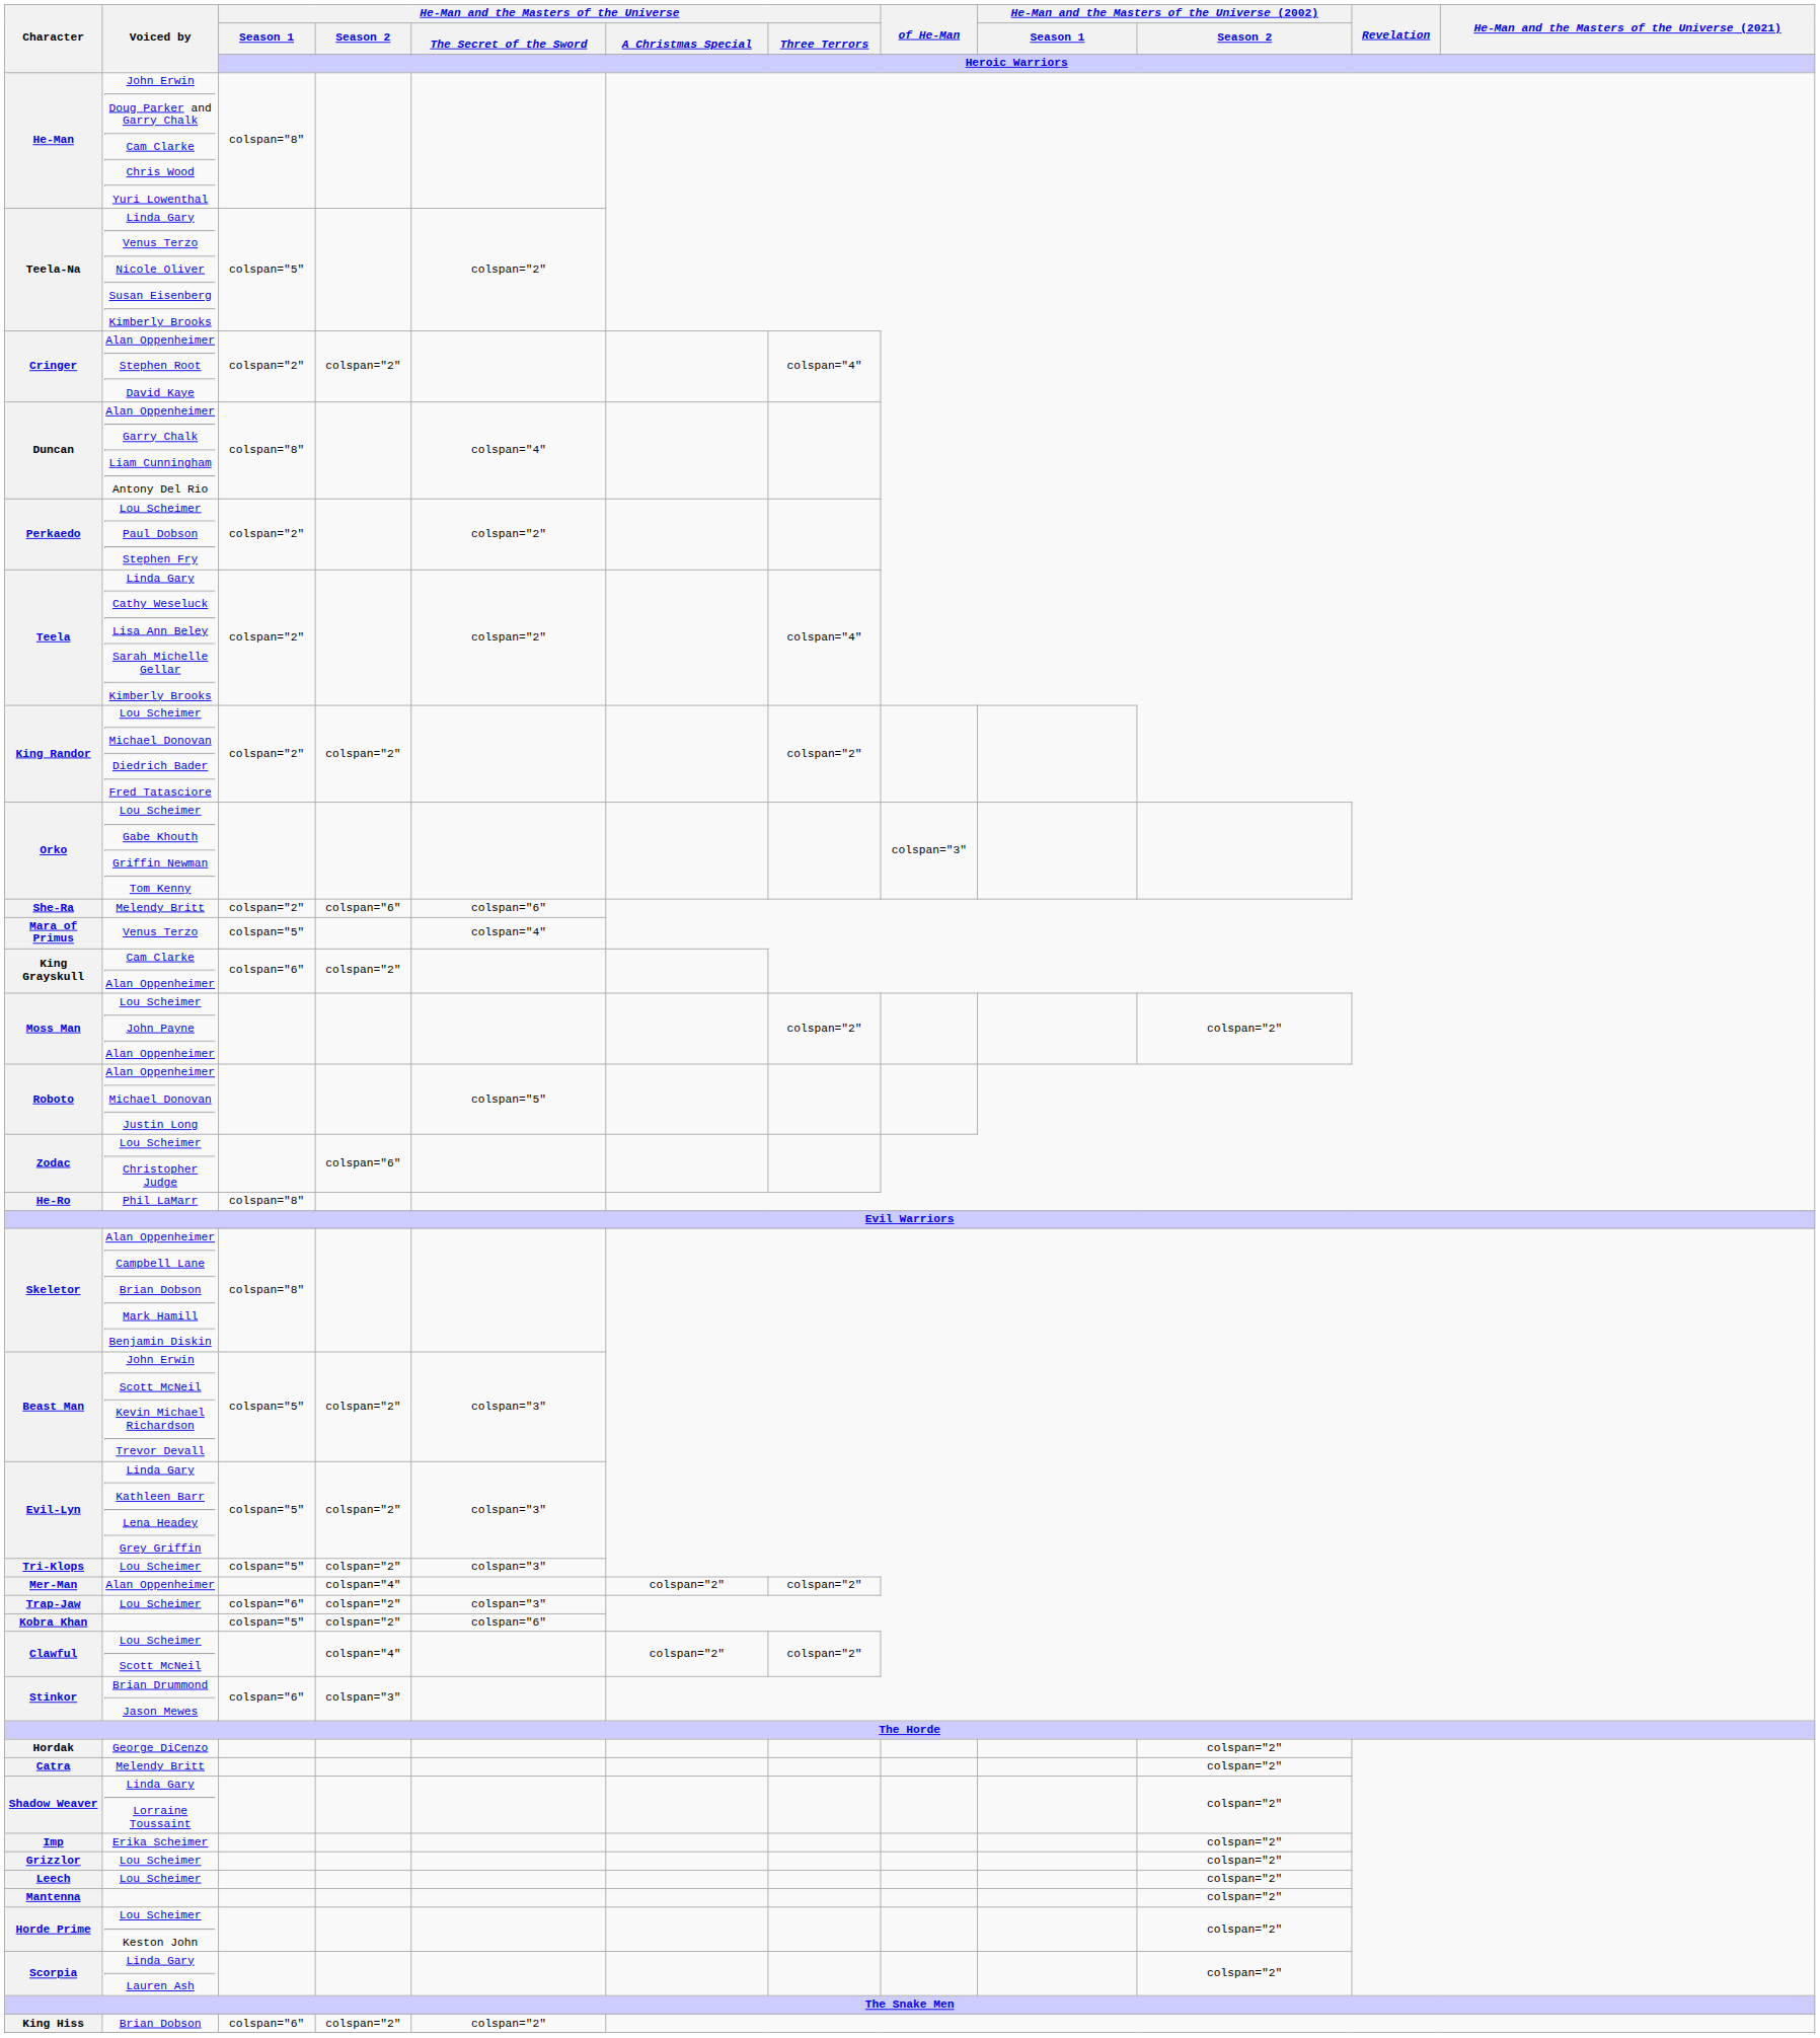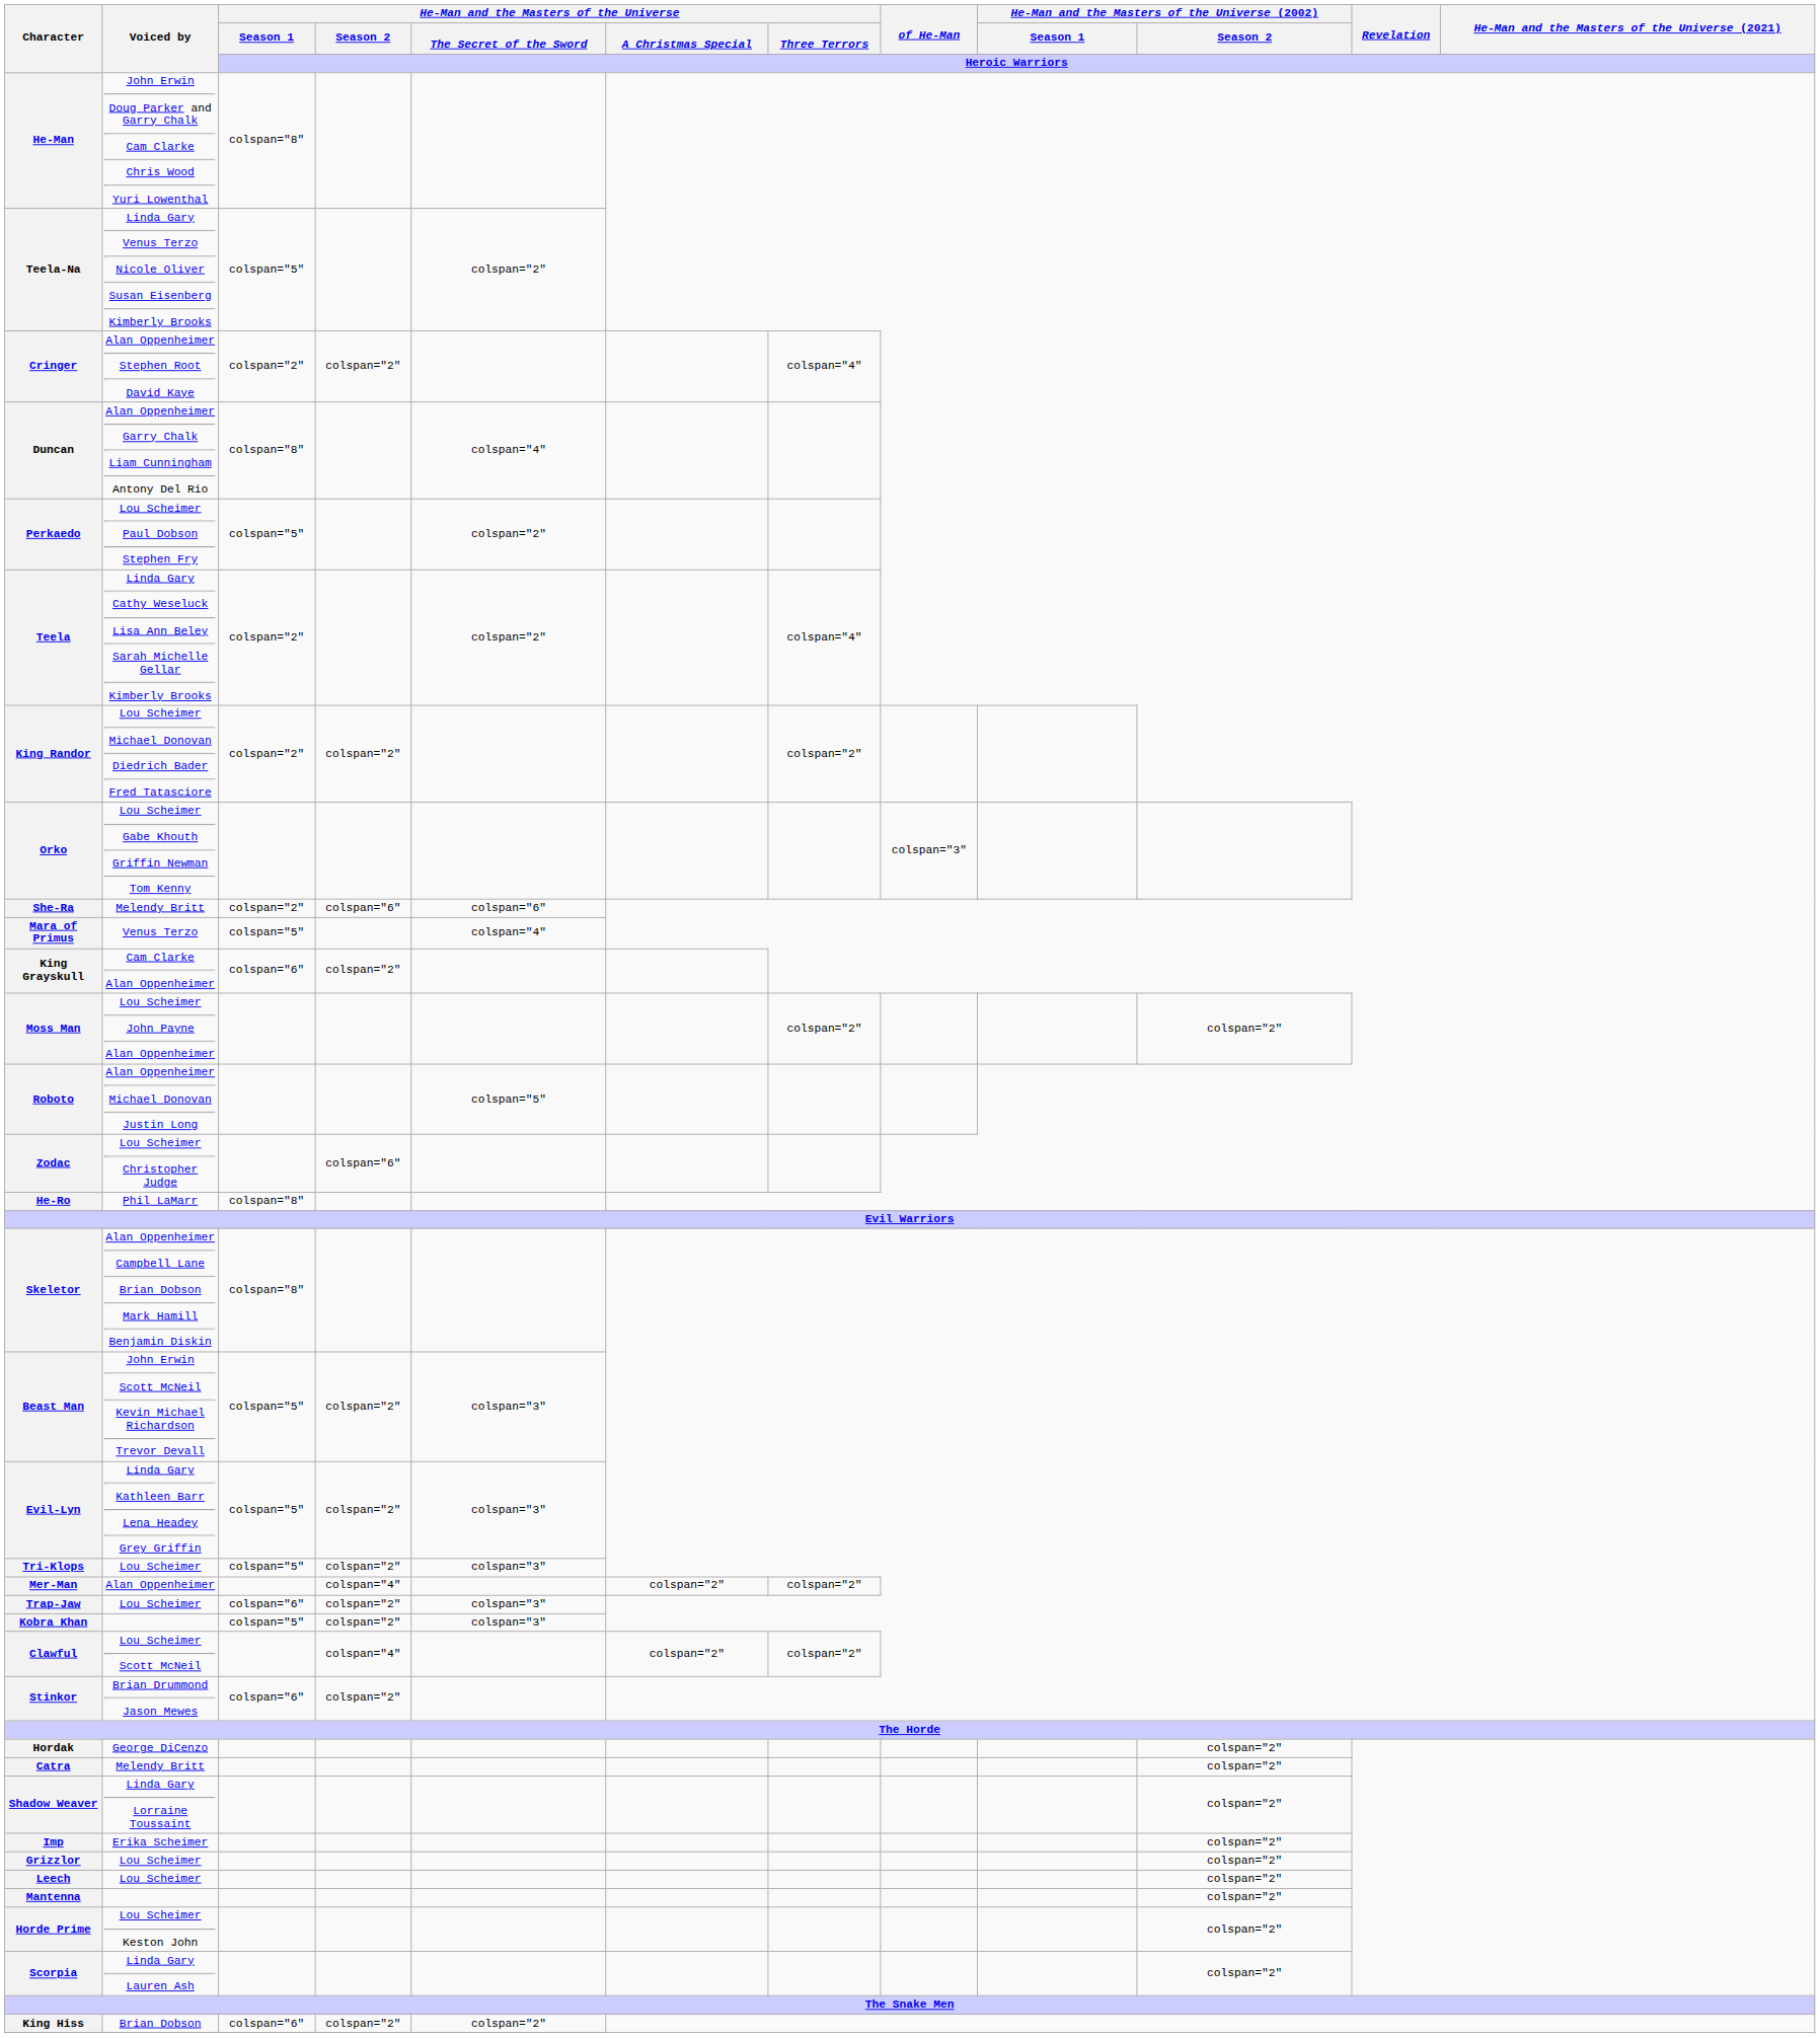 <table class="wikitable" style="text-align:center; font-size:95%; width:99%;">
 <tr>
 <th rowspan="3" style="width:100px;">Character</th>
 <th style="width:120px;" rowspan="3">Voiced by</th>
 <th colspan="5"><em><a href='#'>He-Man and the Masters of the Universe</a></em></th>
 <th rowspan="2"><em><a href='#'><br>of He-Man</a></em></th>
 <th colspan="2"><a href='#'><em>He-Man and the Masters of the Universe</em> (2002)</a></th>
 <th rowspan="2"><a href='#'><em><br>Revelation</em></a></th>
 <th rowspan="2"><a href='#'><em>He-Man and the Masters of the Universe</em> (2021)</a></th>
 </tr>
 <tr>
 <th><a href='#'>Season 1</a></th>
 <th><a href='#'>Season 2</a></th>
 <th><em><a href='#'><br>The Secret of the Sword</a></em></th>
 <th><em><a href='#'><br>A Christmas Special</a></em></th>
 <th><a href='#'><em><br>Three Terrors</em></a></th>
 <th><a href='#'>Season 1</a></th>
 <th><a href='#'>Season 2</a></th>
 </tr>
 <tr>
 <th colspan="10" style="background-color:#ccccff;"><a href='#'>Heroic Warriors</a></th>
 </tr>
 <tr>
 <th><a href='#'>He-Man<br></a></th>
 <td><a href='#'>John Erwin</a><hr><a href='#'>Doug Parker</a> and <a href='#'>Garry Chalk</a><hr><a href='#'>Cam Clarke</a><hr><a href='#'>Chris Wood</a><hr><a href='#'>Yuri Lowenthal</a></td>
 <td>colspan="8" </td>
 <td></td>
 <td></td>
 </tr>
 <tr>
 <th>Teela-Na<br></th>
 <td><a href='#'>Linda Gary</a><hr><a href='#'>Venus Terzo</a><hr><a href='#'>Nicole Oliver</a><hr><a href='#'>Susan Eisenberg</a><hr><a href='#'>Kimberly Brooks</a></td>
 <td>colspan="5" </td>
 <td></td>
 <td>colspan="2" </td>
 </tr>
 <tr>
 <th><a href='#'>Cringer<br></a></th>
 <td><a href='#'>Alan Oppenheimer</a><hr><a href='#'>Stephen Root</a><hr><a href='#'>David Kaye</a></td>
 <td>colspan="2" </td>
 <td>colspan="2" </td>
 <td></td>
 <td></td>
 <td>colspan="4" </td>
 </tr>
 <tr>
 <th>Duncan<br></th>
 <td><a href='#'>Alan Oppenheimer</a><hr><a href='#'>Garry Chalk</a><hr><a href='#'>Liam Cunningham</a><hr>Antony Del Rio</td>
 <td>colspan="8" </td>
 <td></td>
 <td>colspan="4" </td>
 <td></td>
 <td></td>
 </tr>
 <tr>
 <th><a href='#'>Perkaedo<br></a></th>
 <td><a href='#'>Lou Scheimer</a><hr><a href='#'>Paul Dobson</a><hr><a href='#'>Stephen Fry</a></td>
-<td>colspan="2" </td>
+<td>colspan="5" </td>
 <td></td>
 <td>colspan="2" </td>
 <td></td>
 <td></td>
 </tr>
 <tr>
 <th><a href='#'>Teela</a></th>
 <td><a href='#'>Linda Gary</a><hr><a href='#'>Cathy Weseluck</a><hr><a href='#'>Lisa Ann Beley</a><hr><a href='#'>Sarah Michelle Gellar</a><hr><a href='#'>Kimberly Brooks</a></td>
 <td>colspan="2" </td>
 <td></td>
 <td>colspan="2" </td>
 <td></td>
 <td>colspan="4" </td>
 </tr>
 <tr>
 <th><a href='#'>King Randor</a></th>
 <td><a href='#'>Lou Scheimer</a><hr><a href='#'>Michael Donovan</a><hr><a href='#'>Diedrich Bader</a><hr><a href='#'>Fred Tatasciore</a></td>
 <td>colspan="2" </td>
 <td>colspan="2" </td>
 <td></td>
 <td></td>
 <td>colspan="2" </td>
 <td></td>
 <td></td>
 </tr>
 <tr>
 <th><a href='#'>Orko<br></a></th>
 <td><a href='#'>Lou Scheimer</a><hr><a href='#'>Gabe Khouth</a><hr><a href='#'>Griffin Newman</a><hr><a href='#'>Tom Kenny</a></td>
 <td></td>
 <td></td>
 <td></td>
 <td></td>
 <td></td>
 <td>colspan="3" </td>
 <td></td>
 <td></td>
 </tr>
 <tr>
 <th><a href='#'>She-Ra<br></a></th>
 <td><a href='#'>Melendy Britt</a></td>
 <td>colspan="2" </td>
 <td>colspan="6" </td>
 <td>colspan="6" </td>
 </tr>
 <tr>
 <th><a href='#'>Mara of Primus<br></a></th>
 <td><a href='#'>Venus Terzo</a></td>
 <td>colspan="5" </td>
 <td></td>
 <td>colspan="4" </td>
 </tr>
 <tr>
 <th>King Grayskull<br></th>
 <td><a href='#'>Cam Clarke</a><hr><a href='#'>Alan Oppenheimer</a></td>
 <td>colspan="6" </td>
 <td>colspan="2" </td>
 <td></td>
 <td></td>
 </tr>
 <tr>
 <th><a href='#'>Moss Man<br></a></th>
 <td><a href='#'>Lou Scheimer</a><hr><a href='#'>John Payne</a><hr><a href='#'>Alan Oppenheimer</a></td>
 <td></td>
 <td></td>
 <td></td>
 <td></td>
 <td>colspan="2" </td>
 <td></td>
 <td></td>
 <td>colspan="2" </td>
 </tr>
 <tr>
 <th><a href='#'>Roboto</a></th>
 <td><a href='#'>Alan Oppenheimer</a><hr><a href='#'>Michael Donovan</a><hr><a href='#'>Justin Long</a></td>
 <td></td>
 <td></td>
 <td>colspan="5" </td>
 <td></td>
 <td></td>
 <td></td>
 </tr>
 <tr>
 <th><a href='#'>Zodac</a></th>
 <td><a href='#'>Lou Scheimer</a><hr><a href='#'>Christopher Judge</a></td>
 <td></td>
 <td>colspan="6" </td>
 <td></td>
 <td></td>
 <td></td>
 </tr>
 <tr>
 <th><a href='#'>He-Ro<br></a></th>
 <td><a href='#'>Phil LaMarr</a></td>
 <td>colspan="8" </td>
 <td></td>
 <td></td>
 </tr>
 <tr>
 <th colspan="12" style="background-color:#ccccff;"><a href='#'>Evil Warriors</a></th>
 </tr>
 <tr>
 <th><a href='#'>Skeletor<br></a></th>
 <td><a href='#'>Alan Oppenheimer</a><hr><a href='#'>Campbell Lane</a><hr><a href='#'>Brian Dobson</a><hr><a href='#'>Mark Hamill</a><hr><a href='#'>Benjamin Diskin</a></td>
 <td>colspan="8" </td>
 <td></td>
 <td></td>
 </tr>
 <tr>
 <th><a href='#'>Beast Man<br></a></th>
 <td><a href='#'>John Erwin</a><hr><a href='#'>Scott McNeil</a><hr><a href='#'>Kevin Michael Richardson</a><hr><a href='#'>Trevor Devall</a></td>
 <td>colspan="5" </td>
 <td>colspan="2" </td>
 <td>colspan="3" </td>
 </tr>
 <tr>
 <th><a href='#'>Evil-Lyn<br></a></th>
 <td><a href='#'>Linda Gary</a><hr><a href='#'>Kathleen Barr</a><hr><a href='#'>Lena Headey</a><hr><a href='#'>Grey Griffin</a></td>
 <td>colspan="5" </td>
 <td>colspan="2" </td>
 <td>colspan="3" </td>
 </tr>
 <tr>
 <th><a href='#'>Tri-Klops</a></th>
 <td><a href='#'>Lou Scheimer</a></td>
 <td>colspan="5" </td>
 <td>colspan="2" </td>
 <td>colspan="3" </td>
 </tr>
 <tr>
 <th><a href='#'>Mer-Man</a></th>
 <td><a href='#'>Alan Oppenheimer</a></td>
 <td></td>
 <td>colspan="4" </td>
 <td></td>
 <td>colspan="2" </td>
 <td>colspan="2" </td>
 </tr>
 <tr>
 <th><a href='#'>Trap-Jaw</a></th>
 <td><a href='#'>Lou Scheimer</a></td>
 <td>colspan="6" </td>
 <td>colspan="2" </td>
 <td>colspan="3" </td>
 </tr>
 <tr>
 <th><a href='#'>Kobra Khan</a></th>
 <td></td>
 <td>colspan="5" </td>
 <td>colspan="2" </td>
-<td>colspan="6" </td>
+<td>colspan="3" </td>
 </tr>
 <tr>
 <th><a href='#'>Clawful</a></th>
 <td><a href='#'>Lou Scheimer</a><hr><a href='#'>Scott McNeil</a></td>
 <td></td>
 <td>colspan="4" </td>
 <td></td>
 <td>colspan="2" </td>
 <td>colspan="2" </td>
 </tr>
 <tr>
 <th><a href='#'>Stinkor<br></a></th>
 <td><a href='#'>Brian Drummond</a><hr><a href='#'>Jason Mewes</a></td>
 <td>colspan="6" </td>
-<td>colspan="3" </td>
+<td>colspan="2" </td>
 <td></td>
 </tr>
 <tr>
 <th colspan="12" style="background:#ccf;"><a href='#'>The Horde</a></th>
 </tr>
 <tr>
 <th>Hordak</th>
 <td><a href='#'>George DiCenzo</a></td>
 <td></td>
 <td></td>
 <td></td>
 <td></td>
 <td></td>
 <td></td>
 <td></td>
 <td>colspan="2" </td>
 </tr>
 <tr>
 <th><a href='#'>Catra</a></th>
 <td><a href='#'>Melendy Britt</a></td>
 <td></td>
 <td></td>
 <td></td>
 <td></td>
 <td></td>
 <td></td>
 <td></td>
 <td>colspan="2" </td>
 </tr>
 <tr>
 <th><a href='#'>Shadow Weaver<br></a></th>
 <td><a href='#'>Linda Gary</a><hr><a href='#'>Lorraine Toussaint</a></td>
 <td></td>
 <td></td>
 <td></td>
 <td></td>
 <td></td>
 <td></td>
 <td></td>
 <td>colspan="2" </td>
 </tr>
 <tr>
 <th><a href='#'>Imp</a></th>
 <td><a href='#'>Erika Scheimer</a></td>
 <td></td>
 <td></td>
 <td></td>
 <td></td>
 <td></td>
 <td></td>
 <td></td>
 <td>colspan="2" </td>
 </tr>
 <tr>
 <th><a href='#'>Grizzlor</a></th>
 <td><a href='#'>Lou Scheimer</a></td>
 <td></td>
 <td></td>
 <td></td>
 <td></td>
 <td></td>
 <td></td>
 <td></td>
 <td>colspan="2" </td>
 </tr>
 <tr>
 <th><a href='#'>Leech</a></th>
 <td><a href='#'>Lou Scheimer</a></td>
 <td></td>
 <td></td>
 <td></td>
 <td></td>
 <td></td>
 <td></td>
 <td></td>
 <td>colspan="2" </td>
 </tr>
 <tr>
 <th><a href='#'>Mantenna</a></th>
 <td></td>
 <td></td>
 <td></td>
 <td></td>
 <td></td>
 <td></td>
 <td></td>
 <td></td>
 <td>colspan="2" </td>
 </tr>
 <tr>
 <th><a href='#'>Horde Prime</a></th>
 <td><a href='#'>Lou Scheimer</a><hr>Keston John</td>
 <td></td>
 <td></td>
 <td></td>
 <td></td>
 <td></td>
 <td></td>
 <td></td>
 <td>colspan="2" </td>
 </tr>
 <tr>
 <th><a href='#'>Scorpia</a></th>
 <td><a href='#'>Linda Gary</a><hr><a href='#'>Lauren Ash</a></td>
 <td></td>
 <td></td>
 <td></td>
 <td></td>
 <td></td>
 <td></td>
 <td></td>
 <td>colspan="2" </td>
 </tr>
 <tr>
 <th colspan="12" style="background-color:#ccccff;"><a href='#'>The Snake Men</a></th>
 </tr>
 <tr>
 <th>King Hiss<br></th>
 <td><a href='#'>Brian Dobson</a></td>
 <td>colspan="6" </td>
 <td>colspan="2" </td>
 <td>colspan="2" </td>
 </tr>
 <tr>
 </tr>
 </table>
